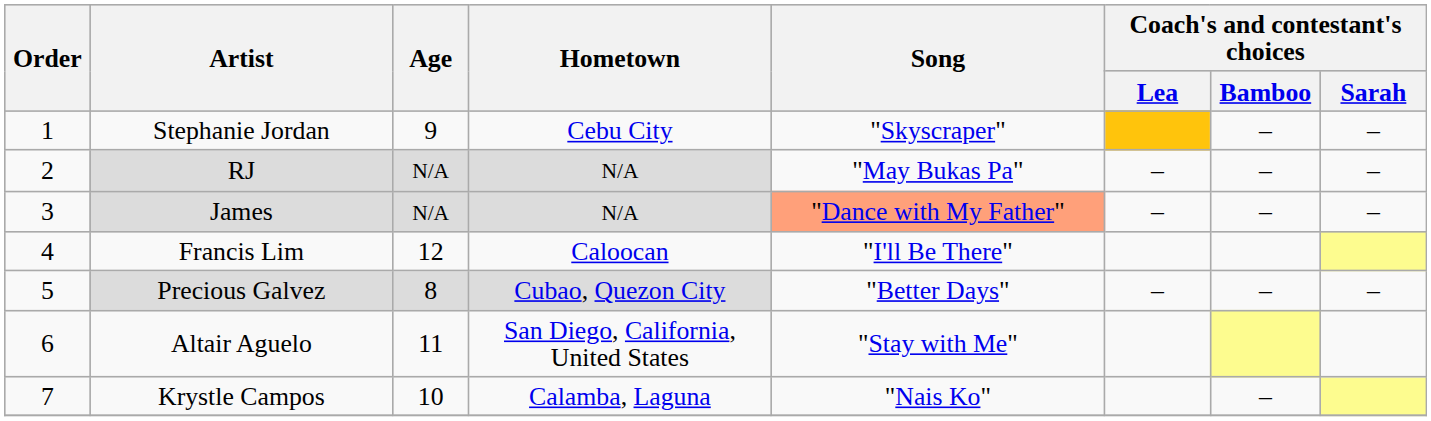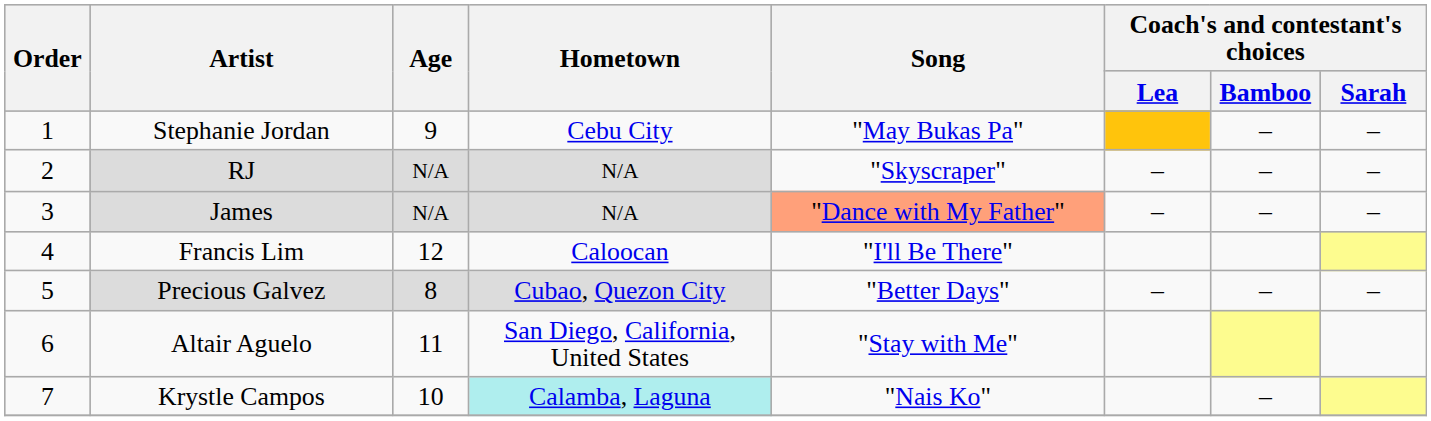 <table class="wikitable" style="text-align:center; line-height:17px; width:100%;">
 <tr>
 <th scope="col" rowspan="2" width="05%">Order</th>
 <th scope="col" rowspan="2" width="20%">Artist</th>
 <th scope="col" rowspan="2" width="05%">Age</th>
 <th scope="col" rowspan="2" width="20%">Hometown</th>
 <th scope="col" rowspan="2" width="22%">Song</th>
 <th scope="col" colspan="4" width="28%">Coach's and contestant's choices</th>
 </tr>
 <tr>
 <th width="07%"><a href='#'>Lea</a></th>
 <th width="07%"><a href='#'>Bamboo</a></th>
 <th width="07%"><a href='#'>Sarah</a></th>
 </tr>
 <tr>
 <td scope="row">1</td>
 <td>Stephanie Jordan</td>
 <td>9</td>
 <td><a href='#'>Cebu City</a></td>
-<td>"<a href='#'>Skyscraper</a>"</td>
+<td>"<a href='#'>May Bukas Pa</a>"</td>
 <td style="background:#FFC40C;"><strong></strong></td>
 <td>–</td>
 <td>–</td>
 </tr>
 <tr>
 <td scope="row">2</td>
 <td style="background:#DCDCDC;">RJ</td>
 <td style="background:#DCDCDC;"><small>N/A</small></td>
 <td style="background:#DCDCDC;"><small>N/A</small></td>
-<td>"<a href='#'>May Bukas Pa</a>"</td>
+<td>"<a href='#'>Skyscraper</a>"</td>
 <td>–</td>
 <td>–</td>
 <td>–</td>
 </tr>
 <tr>
 <td scope="row">3</td>
 <td style="background:#DCDCDC;">James</td>
 <td style="background:#DCDCDC;"><small>N/A</small></td>
 <td style="background:#DCDCDC;"><small>N/A</small></td>
 <td style="background: lightsalmon;">"<a href='#'>Dance with My Father</a>"</td>
 <td>–</td>
 <td>–</td>
 <td>–</td>
 </tr>
 <tr>
 <td scope="row">4</td>
 <td>Francis Lim</td>
 <td>12</td>
 <td><a href='#'>Caloocan</a></td>
 <td>"<a href='#'>I'll Be There</a>"</td>
 <td><strong></strong></td>
 <td><strong></strong></td>
 <td style="background:#fdfc8f;"><strong></strong></td>
 </tr>
 <tr>
 <td scope="row">5</td>
 <td style="background:#DCDCDC;">Precious Galvez</td>
 <td style="background:#DCDCDC;">8</td>
 <td style="background:#DCDCDC;"><a href='#'>Cubao</a>, <a href='#'>Quezon City</a></td>
 <td>"<a href='#'>Better Days</a>"</td>
 <td>–</td>
 <td>–</td>
 <td>–</td>
 </tr>
 <tr>
 <td scope="row">6</td>
 <td>Altair Aguelo</td>
 <td>11</td>
 <td><a href='#'>San Diego</a>, <a href='#'>California</a>, United States</td>
 <td>"<a href='#'>Stay with Me</a>"</td>
 <td><strong></strong></td>
 <td style="background:#fdfc8f;"><strong></strong></td>
 <td><strong></strong></td>
 </tr>
 <tr>
 <td scope="row">7</td>
 <td>Krystle Campos</td>
 <td>10</td>
-<td><a href='#'>Calamba</a>, <a href='#'>Laguna</a></td>
+<td style="background: paleturquoise;"><a href='#'>Calamba</a>, <a href='#'>Laguna</a></td>
 <td>"<a href='#'>Nais Ko</a>"</td>
 <td><strong></strong></td>
 <td>–</td>
 <td style="background:#fdfc8f;"><strong></strong></td>
 </tr>
 <tr>
 </tr>
 </table>
